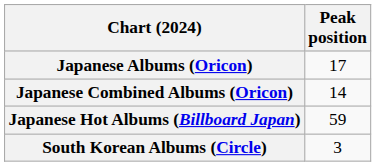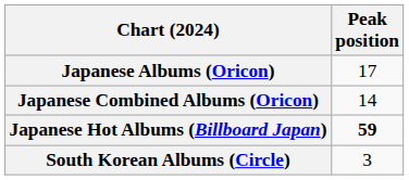 <table class="wikitable sortable plainrowheaders" style="text-align:center">
 <tr>
 <th scope="col">Chart (2024)</th>
 <th scope="col">Peak<br>position</th>
 </tr>
 <tr>
 <th scope="row">Japanese Albums (<a href='#'>Oricon</a>)</th>
 <td>17</td>
 </tr>
 <tr>
 <th scope="row">Japanese Combined Albums (<a href='#'>Oricon</a>)</th>
 <td>14</td>
 </tr>
 <tr>
 <th scope="row">Japanese Hot Albums (<em><a href='#'>Billboard Japan</a></em>)</th>
-<td>59</td>
+<td><strong>59</strong></td>
 </tr>
 <tr>
 <th scope="row">South Korean Albums (<a href='#'>Circle</a>)</th>
 <td>3</td>
 </tr>
 </table>
